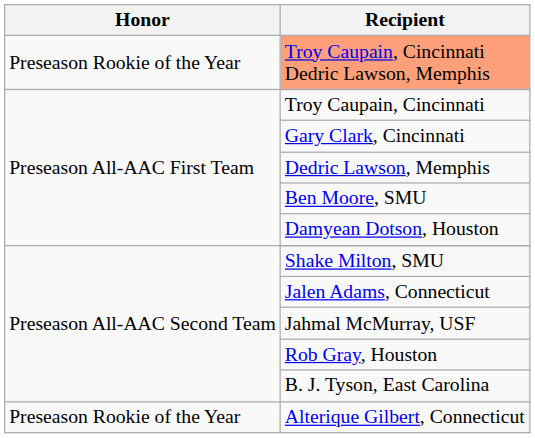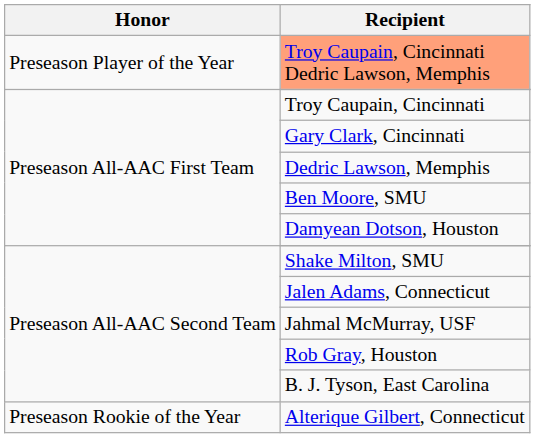 <table class="wikitable" border="1">
 <tr>
 <th>Honor</th>
 <th>Recipient</th>
 </tr>
 <tr>
-<td>Preseason Rookie of the Year</td>
+<td>Preseason Player of the Year</td>
 <td style="background: lightsalmon;"><a href='#'>Troy Caupain</a>, Cincinnati<br>Dedric Lawson, Memphis</td>
 </tr>
 <tr>
 <td rowspan="6" valign="middle">Preseason All-AAC First Team</td>
 </tr>
 <tr>
 <td>Troy Caupain, Cincinnati</td>
 </tr>
 <tr>
 <td><a href='#'>Gary Clark</a>, Cincinnati</td>
 </tr>
 <tr>
 <td><a href='#'>Dedric Lawson</a>, Memphis</td>
 </tr>
 <tr>
 <td><a href='#'>Ben Moore</a>, SMU</td>
 </tr>
 <tr>
 <td><a href='#'>Damyean Dotson</a>, Houston</td>
 </tr>
 <tr>
 <td rowspan="6" valign="middle">Preseason All-AAC Second Team</td>
 </tr>
 <tr>
 <td><a href='#'>Shake Milton</a>, SMU</td>
 </tr>
 <tr>
 <td><a href='#'>Jalen Adams</a>, Connecticut</td>
 </tr>
 <tr>
 <td>Jahmal McMurray, USF</td>
 </tr>
 <tr>
 <td><a href='#'>Rob Gray</a>, Houston</td>
 </tr>
 <tr>
 <td>B. J. Tyson, East Carolina</td>
 </tr>
 <tr>
 <td>Preseason Rookie of the Year</td>
 <td><a href='#'>Alterique Gilbert</a>, Connecticut</td>
 </tr>
 </table>
